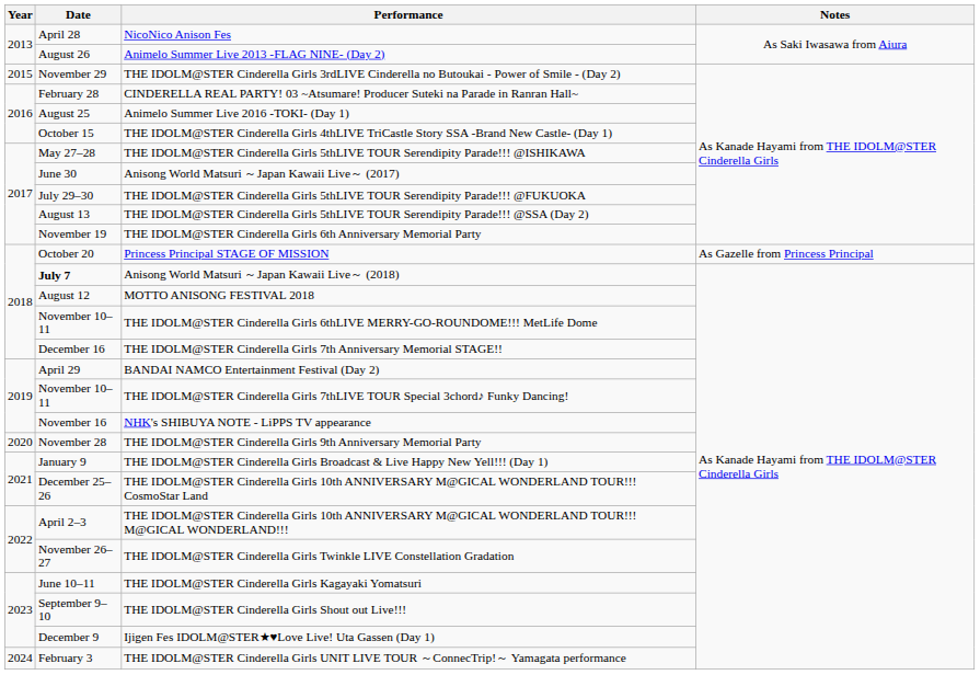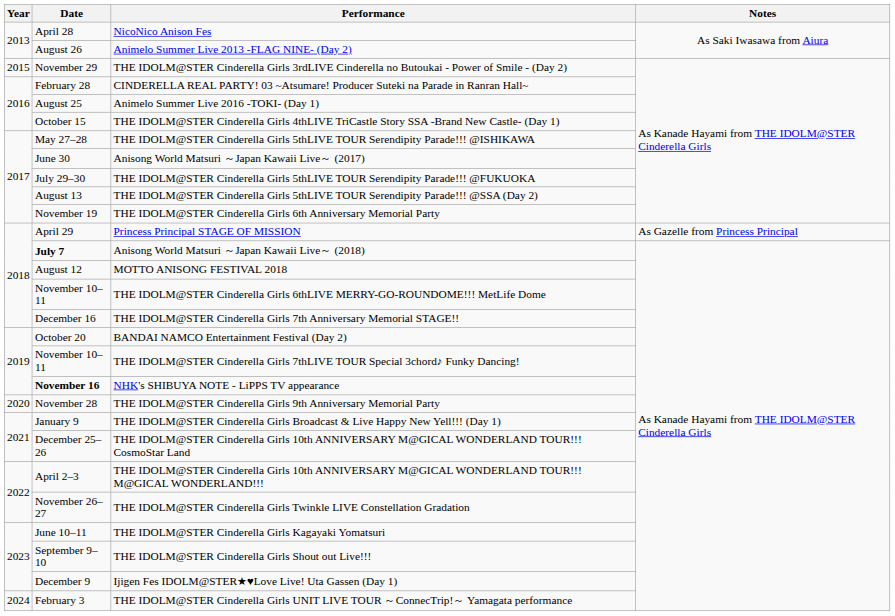 <table class="wikitable">
 <tr>
 <th>Year</th>
 <th>Date</th>
 <th>Performance</th>
 <th>Notes</th>
 </tr>
 <tr>
 <td rowspan="2">2013</td>
 <td>April 28</td>
 <td><a href='#'>NicoNico Anison Fes</a></td>
 <td rowspan="2" align="center">As Saki Iwasawa from <a href='#'>Aiura</a></td>
 </tr>
 <tr>
 <td>August 26</td>
 <td><a href='#'>Animelo Summer Live 2013 -FLAG NINE- (Day 2)</a></td>
 </tr>
 <tr>
 <td>2015</td>
 <td>November 29</td>
 <td>THE IDOLM@STER Cinderella Girls 3rdLIVE Cinderella no Butoukai - Power of Smile - (Day 2)</td>
 <td rowspan="9">As Kanade Hayami from <a href='#'>THE IDOLM@STER Cinderella Girls</a></td>
 </tr>
 <tr>
 <td rowspan="3">2016</td>
 <td>February 28</td>
 <td>CINDERELLA REAL PARTY! 03 ~Atsumare! Producer Suteki na Parade in Ranran Hall~</td>
 </tr>
 <tr>
 <td>August 25</td>
 <td>Animelo Summer Live 2016 -TOKI- (Day 1)</td>
 </tr>
 <tr>
 <td>October 15</td>
 <td>THE IDOLM@STER Cinderella Girls 4thLIVE TriCastle Story SSA -Brand New Castle- (Day 1)</td>
 </tr>
 <tr>
 <td rowspan="5">2017</td>
 <td>May 27–28</td>
 <td>THE IDOLM@STER Cinderella Girls 5thLIVE TOUR Serendipity Parade!!! @ISHIKAWA</td>
 </tr>
 <tr>
 <td>June 30</td>
 <td>Anisong World Matsuri ～Japan Kawaii Live～ (2017)</td>
 </tr>
 <tr>
 <td>July 29–30</td>
 <td>THE IDOLM@STER Cinderella Girls 5thLIVE TOUR Serendipity Parade!!! @FUKUOKA</td>
 </tr>
 <tr>
 <td>August 13</td>
 <td>THE IDOLM@STER Cinderella Girls 5thLIVE TOUR Serendipity Parade!!! @SSA (Day 2)</td>
 </tr>
 <tr>
 <td>November 19</td>
 <td>THE IDOLM@STER Cinderella Girls 6th Anniversary Memorial Party</td>
 </tr>
 <tr>
 <td rowspan="5">2018</td>
-<td>October 20</td>
+<td>April 29</td>
 <td><a href='#'> Princess Principal STAGE OF MISSION</a></td>
 <td>As Gazelle from <a href='#'>Princess Principal</a></td>
 </tr>
 <tr>
 <td><strong>July 7</strong></td>
 <td>Anisong World Matsuri ～Japan Kawaii Live～ (2018)</td>
 <td rowspan="16">As Kanade Hayami from <a href='#'>THE IDOLM@STER Cinderella Girls</a></td>
 </tr>
 <tr>
 <td>August 12</td>
 <td>MOTTO ANISONG FESTIVAL 2018</td>
 </tr>
 <tr>
 <td>November 10–11</td>
 <td>THE IDOLM@STER Cinderella Girls 6thLIVE MERRY-GO-ROUNDOME!!! MetLife Dome</td>
 </tr>
 <tr>
 <td>December 16</td>
 <td>THE IDOLM@STER Cinderella Girls 7th Anniversary Memorial STAGE!!</td>
 </tr>
 <tr>
 <td rowspan="3">2019</td>
-<td>April 29</td>
+<td>October 20</td>
 <td>BANDAI NAMCO Entertainment Festival (Day 2)</td>
 </tr>
 <tr>
 <td>November 10–11</td>
 <td>THE IDOLM@STER Cinderella Girls 7thLIVE TOUR Special 3chord♪ Funky Dancing!</td>
 </tr>
 <tr>
-<td>November 16</td>
+<td><strong>November 16</strong></td>
 <td><a href='#'>NHK</a>'s SHIBUYA NOTE - LiPPS TV appearance</td>
 </tr>
 <tr>
 <td>2020</td>
 <td>November 28</td>
 <td>THE IDOLM@STER Cinderella Girls 9th Anniversary Memorial Party</td>
 </tr>
 <tr>
 <td rowspan="2">2021</td>
 <td>January 9</td>
 <td>THE IDOLM@STER Cinderella Girls Broadcast & Live Happy New Yell!!! (Day 1)</td>
 </tr>
 <tr>
 <td>December 25–26</td>
 <td>THE IDOLM@STER Cinderella Girls 10th ANNIVERSARY M@GICAL WONDERLAND TOUR!!! CosmoStar Land</td>
 </tr>
 <tr>
 <td rowspan="2">2022</td>
 <td>April 2–3</td>
 <td>THE IDOLM@STER Cinderella Girls 10th ANNIVERSARY M@GICAL WONDERLAND TOUR!!! M@GICAL WONDERLAND!!!</td>
 </tr>
 <tr>
 <td>November 26–27</td>
 <td>THE IDOLM@STER Cinderella Girls Twinkle LIVE Constellation Gradation</td>
 </tr>
 <tr>
 <td rowspan="3">2023</td>
 <td>June 10–11</td>
 <td>THE IDOLM@STER Cinderella Girls Kagayaki Yomatsuri</td>
 </tr>
 <tr>
 <td>September 9–10</td>
 <td>THE IDOLM@STER Cinderella Girls Shout out Live!!!</td>
 </tr>
 <tr>
 <td>December 9</td>
 <td>Ijigen Fes IDOLM@STER★♥Love Live! Uta Gassen (Day 1)</td>
 </tr>
 <tr>
 <td>2024</td>
 <td>February 3</td>
 <td>THE IDOLM@STER Cinderella Girls UNIT LIVE TOUR ～ConnecTrip!～ Yamagata performance</td>
 </tr>
 </table>
